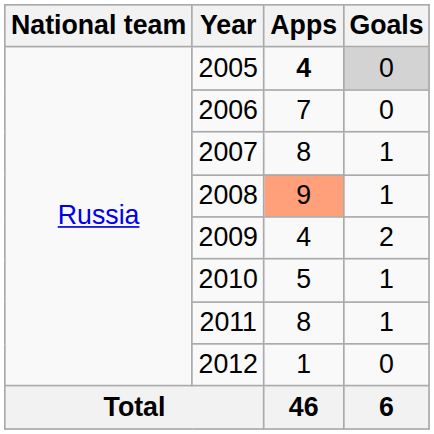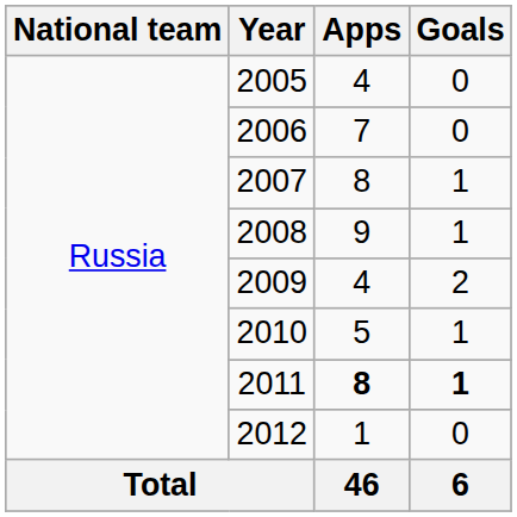 <table class="wikitable" style="text-align:center">
 <tr>
 <th>National team</th>
 <th>Year</th>
 <th>Apps</th>
 <th>Goals</th>
 </tr>
 <tr>
 <td rowspan="8"><a href='#'>Russia</a></td>
 <td>2005</td>
-<td><strong>4</strong></td>
-<td style="background: lightgrey;">0</td>
+<td>4</td>
+<td>0</td>
 </tr>
 <tr>
 <td>2006</td>
 <td>7</td>
 <td>0</td>
 </tr>
 <tr>
 <td>2007</td>
 <td>8</td>
 <td>1</td>
 </tr>
 <tr>
 <td>2008</td>
-<td style="background: lightsalmon;">9</td>
+<td>9</td>
 <td>1</td>
 </tr>
 <tr>
 <td>2009</td>
 <td>4</td>
 <td>2</td>
 </tr>
 <tr>
 <td>2010</td>
 <td>5</td>
 <td>1</td>
 </tr>
 <tr>
 <td>2011</td>
-<td>8</td>
-<td>1</td>
+<td><strong>8</strong></td>
+<td><strong>1</strong></td>
 </tr>
 <tr>
 <td>2012</td>
 <td>1</td>
 <td>0</td>
 </tr>
 <tr>
 <th colspan="2">Total</th>
 <th>46</th>
 <th>6</th>
 </tr>
 </table>
